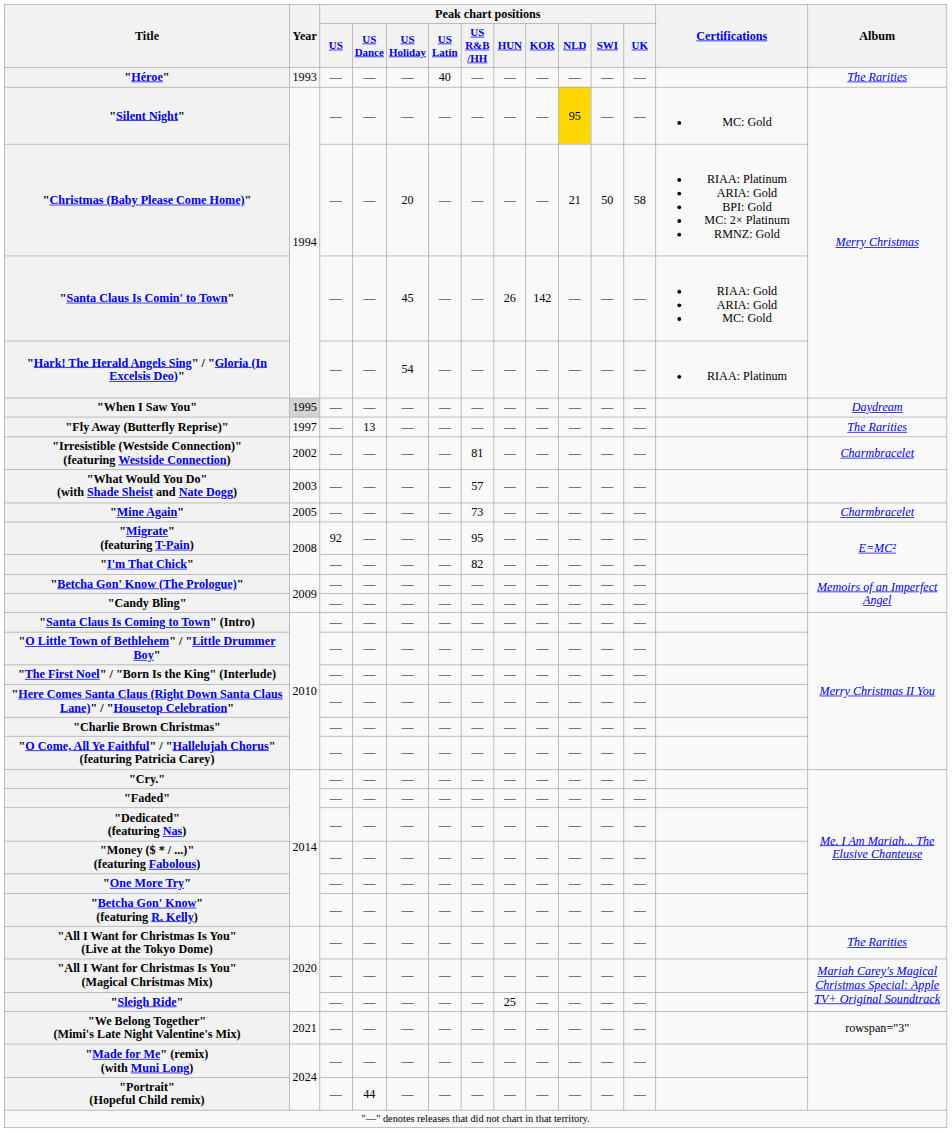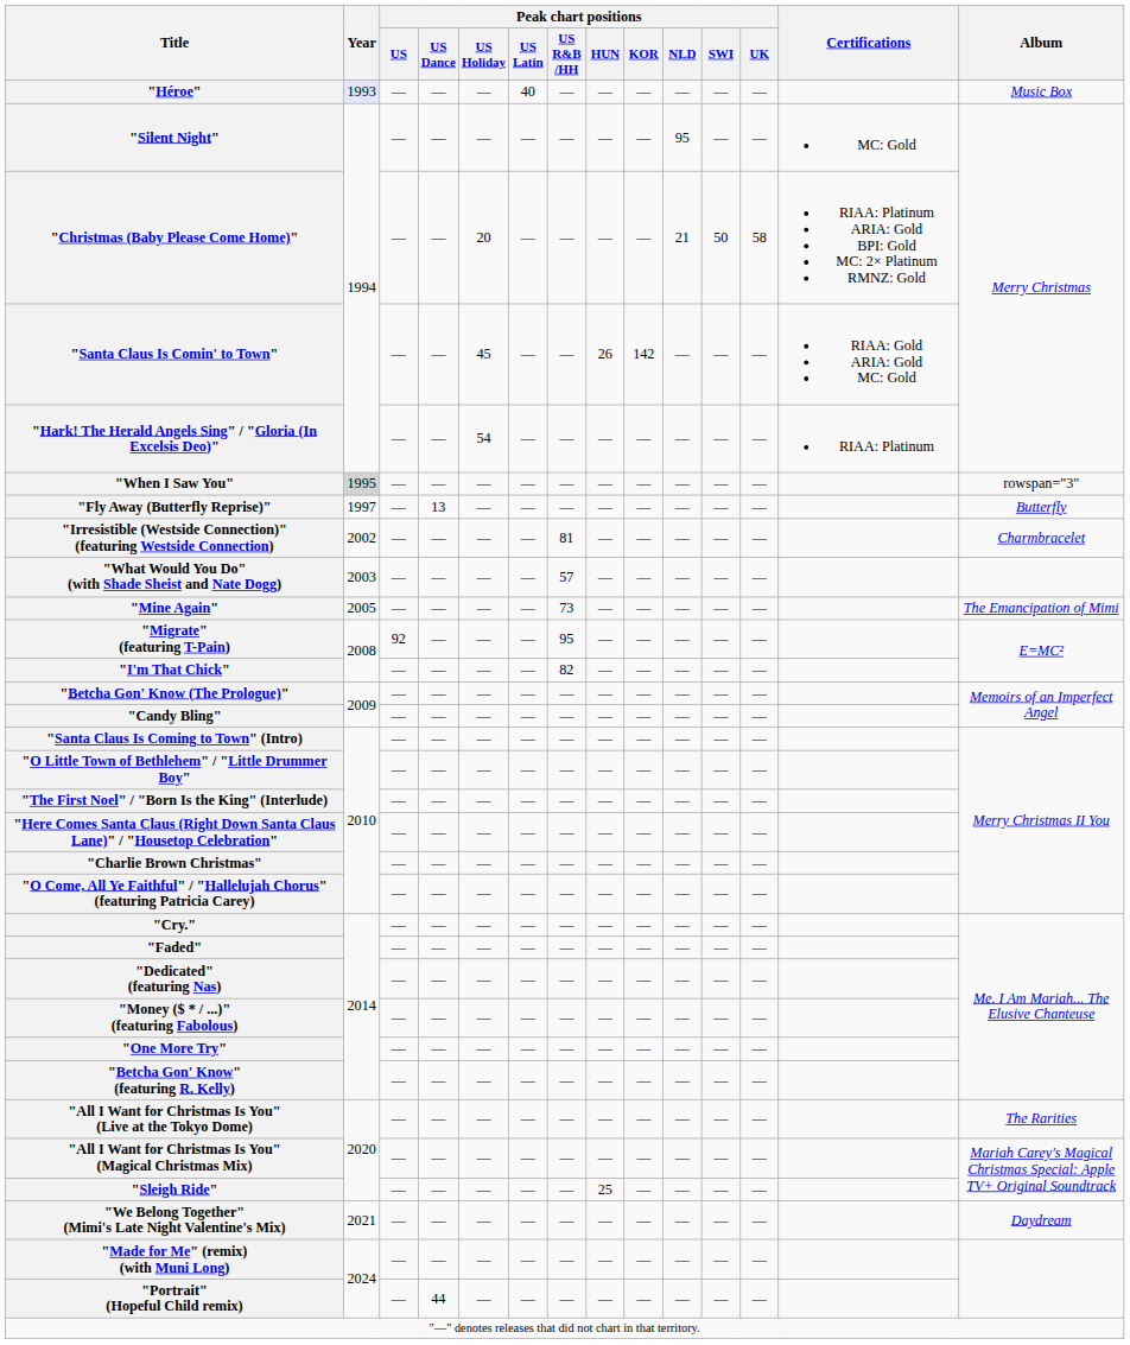 <table class="wikitable plainrowheaders" style="text-align:center;">
 <tr>
 <th scope="col" rowspan="2" style="width:23em;">Title</th>
 <th scope="col" rowspan="2">Year</th>
 <th scope="col" colspan="10">Peak chart positions</th>
 <th scope="col" rowspan="2" style="width:12em;"><a href='#'>Certifications</a></th>
 <th scope="col" rowspan="2" style="width:11em;">Album</th>
 </tr>
 <tr>
 <th scope="col" style="width:2.5em; font-size:90%;"><a href='#'>US</a><br></th>
 <th scope="col" style="width:2.5em; font-size:90%;"><a href='#'>US<br>Dance</a><br></th>
 <th scope="col" style="width:2.5em; font-size:90%;"><a href='#'>US<br>Holiday</a><br></th>
 <th scope="col" style="width:2.5em; font-size:90%;"><a href='#'>US Latin</a><br></th>
 <th scope="col" style="width:2.5em; font-size:90%;"><a href='#'>US<br>R&B<br>/HH</a><br></th>
 <th scope="col" style="width:2.5em; font-size:90%;"><a href='#'>HUN</a><br></th>
 <th scope="col" style="width:2.5em; font-size:90%;"><a href='#'>KOR</a><br></th>
 <th scope="col" style="width:2.5em; font-size:90%;"><a href='#'>NLD</a><br></th>
 <th scope="col" style="width:2.5em; font-size:90%;"><a href='#'>SWI</a><br></th>
 <th scope="col" style="width:2.5em; font-size:90%;"><a href='#'>UK</a><br></th>
 </tr>
 <tr>
 <th scope="row">"<a href='#'>Héroe</a>"</th>
-<td>1993</td>
+<td style="background: lavender;">1993</td>
 <td>—</td>
 <td>—</td>
 <td>—</td>
 <td>40</td>
 <td>—</td>
 <td>—</td>
 <td>—</td>
 <td>—</td>
 <td>—</td>
 <td>—</td>
 <td></td>
-<td><em><a href='#'>The Rarities</a></em></td>
+<td><em><a href='#'>Music Box</a></em></td>
 </tr>
 <tr>
 <th scope="row">"<a href='#'>Silent Night</a>"</th>
 <td rowspan="4">1994</td>
 <td>—</td>
 <td>—</td>
 <td>—</td>
 <td>—</td>
 <td>—</td>
 <td>—</td>
 <td>—</td>
-<td style="background: gold;">95</td>
+<td>95</td>
 <td>—</td>
 <td>—</td>
 <td><br><ul><li>MC: Gold</li></ul></td>
 <td rowspan="4"><em><a href='#'>Merry Christmas</a></em></td>
 </tr>
 <tr>
 <th scope="row">"<a href='#'>Christmas (Baby Please Come Home)</a>"</th>
 <td>—</td>
 <td>—</td>
 <td>20</td>
 <td>—</td>
 <td>—</td>
 <td>—</td>
 <td>—</td>
 <td>21</td>
 <td>50</td>
 <td>58</td>
 <td><br><ul><li>RIAA: Platinum</li><li>ARIA: Gold</li><li>BPI: Gold</li><li>MC: 2× Platinum</li><li>RMNZ: Gold</li></ul></td>
 </tr>
 <tr>
 <th scope="row">"<a href='#'>Santa Claus Is Comin' to Town</a>"</th>
 <td>—</td>
 <td>—</td>
 <td>45</td>
 <td>—</td>
 <td>—</td>
 <td>26</td>
 <td>142</td>
 <td>—</td>
 <td>—</td>
 <td>—</td>
 <td><br><ul><li>RIAA: Gold</li><li>ARIA: Gold</li><li>MC: Gold</li></ul></td>
 </tr>
 <tr>
 <th scope="row">"<a href='#'>Hark! The Herald Angels Sing</a>" / "<a href='#'>Gloria (In Excelsis Deo)</a>"</th>
 <td>—</td>
 <td>—</td>
 <td>54</td>
 <td>—</td>
 <td>—</td>
 <td>—</td>
 <td>—</td>
 <td>—</td>
 <td>—</td>
 <td>—</td>
 <td><br><ul><li>RIAA: Platinum</li></ul></td>
 </tr>
 <tr>
 <th scope="row">"When I Saw You"</th>
 <td style="background: lightgrey;">1995</td>
 <td>—</td>
 <td>—</td>
 <td>—</td>
 <td>—</td>
 <td>—</td>
 <td>—</td>
 <td>—</td>
 <td>—</td>
 <td>—</td>
 <td>—</td>
 <td></td>
-<td><em><a href='#'>Daydream</a></em></td>
+<td>rowspan="3" </td>
 </tr>
 <tr>
 <th scope="row">"Fly Away (Butterfly Reprise)"</th>
 <td>1997</td>
 <td>—</td>
 <td>13</td>
 <td>—</td>
 <td>—</td>
 <td>—</td>
 <td>—</td>
 <td>—</td>
 <td>—</td>
 <td>—</td>
 <td>—</td>
 <td></td>
-<td><em><a href='#'>The Rarities</a></em></td>
+<td><em><a href='#'>Butterfly</a></em></td>
 </tr>
 <tr>
 <th scope="row">"Irresistible (Westside Connection)" <br><span>(featuring <a href='#'>Westside Connection</a>)</span></th>
 <td>2002</td>
 <td>—</td>
 <td>—</td>
 <td>—</td>
 <td>—</td>
 <td>81</td>
 <td>—</td>
 <td>—</td>
 <td>—</td>
 <td>—</td>
 <td>—</td>
 <td></td>
 <td><em><a href='#'>Charmbracelet</a></em></td>
 </tr>
 <tr>
 <th scope="row">"What Would You Do" <br><span>(with <a href='#'>Shade Sheist</a> and <a href='#'>Nate Dogg</a>)</span></th>
 <td>2003</td>
 <td>—</td>
 <td>—</td>
 <td>—</td>
 <td>—</td>
 <td>57</td>
 <td>—</td>
 <td>—</td>
 <td>—</td>
 <td>—</td>
 <td>—</td>
 <td></td>
 <td></td>
 </tr>
 <tr>
 <th scope="row">"<a href='#'>Mine Again</a>"</th>
 <td>2005</td>
 <td>—</td>
 <td>—</td>
 <td>—</td>
 <td>—</td>
 <td>73</td>
 <td>—</td>
 <td>—</td>
 <td>—</td>
 <td>—</td>
 <td>—</td>
 <td></td>
-<td><em><a href='#'>Charmbracelet</a></em></td>
+<td><em><a href='#'>The Emancipation of Mimi</a></em></td>
 </tr>
 <tr>
 <th scope="row">"<a href='#'>Migrate</a>" <br><span>(featuring <a href='#'>T-Pain</a>)</span></th>
 <td rowspan="2">2008</td>
 <td>92</td>
 <td>—</td>
 <td>—</td>
 <td>—</td>
 <td>95</td>
 <td>—</td>
 <td>—</td>
 <td>—</td>
 <td>—</td>
 <td>—</td>
 <td></td>
 <td rowspan="2"><em><a href='#'>E=MC²</a></em></td>
 </tr>
 <tr>
 <th scope="row">"<a href='#'>I'm That Chick</a>"</th>
 <td>—</td>
 <td>—</td>
 <td>—</td>
 <td>—</td>
 <td>82</td>
 <td>—</td>
 <td>—</td>
 <td>—</td>
 <td>—</td>
 <td>—</td>
 <td></td>
 </tr>
 <tr>
 <th scope="row">"<a href='#'>Betcha Gon' Know (The Prologue)</a>"</th>
 <td rowspan="2">2009</td>
 <td>—</td>
 <td>—</td>
 <td>—</td>
 <td>—</td>
 <td>—</td>
 <td>—</td>
 <td>—</td>
 <td>—</td>
 <td>—</td>
 <td>—</td>
 <td></td>
 <td rowspan="2"><em><a href='#'>Memoirs of an Imperfect Angel</a></em></td>
 </tr>
 <tr>
 <th scope="row">"Candy Bling"</th>
 <td>—</td>
 <td>—</td>
 <td>—</td>
 <td>—</td>
 <td>—</td>
 <td>—</td>
 <td>—</td>
 <td>—</td>
 <td>—</td>
 <td>—</td>
 <td></td>
 </tr>
 <tr>
 <th scope="row">"<a href='#'>Santa Claus Is Coming to Town</a>" (Intro)</th>
 <td rowspan="6">2010</td>
 <td>—</td>
 <td>—</td>
 <td>—</td>
 <td>—</td>
 <td>—</td>
 <td>—</td>
 <td>—</td>
 <td>—</td>
 <td>—</td>
 <td>—</td>
 <td></td>
 <td rowspan="6"><em><a href='#'>Merry Christmas II You</a></em></td>
 </tr>
 <tr>
 <th scope="row">"<a href='#'>O Little Town of Bethlehem</a>" / "<a href='#'>Little Drummer Boy</a>"</th>
 <td>—</td>
 <td>—</td>
 <td>—</td>
 <td>—</td>
 <td>—</td>
 <td>—</td>
 <td>—</td>
 <td>—</td>
 <td>—</td>
 <td>—</td>
 <td></td>
 </tr>
 <tr>
 <th scope="row">"<a href='#'>The First Noel</a>" / "Born Is the King" (Interlude)</th>
 <td>—</td>
 <td>—</td>
 <td>—</td>
 <td>—</td>
 <td>—</td>
 <td>—</td>
 <td>—</td>
 <td>—</td>
 <td>—</td>
 <td>—</td>
 <td></td>
 </tr>
 <tr>
 <th scope="row">"<a href='#'>Here Comes Santa Claus (Right Down Santa Claus Lane)</a>" / "<a href='#'>Housetop Celebration</a>"</th>
 <td>—</td>
 <td>—</td>
 <td>—</td>
 <td>—</td>
 <td>—</td>
 <td>—</td>
 <td>—</td>
 <td>—</td>
 <td>—</td>
 <td>—</td>
 <td></td>
 </tr>
 <tr>
 <th scope="row">"Charlie Brown Christmas"</th>
 <td>—</td>
 <td>—</td>
 <td>—</td>
 <td>—</td>
 <td>—</td>
 <td>—</td>
 <td>—</td>
 <td>—</td>
 <td>—</td>
 <td>—</td>
 <td></td>
 </tr>
 <tr>
 <th scope="row">"<a href='#'>O Come, All Ye Faithful</a>" / "<a href='#'>Hallelujah Chorus</a>" <br><span>(featuring Patricia Carey)</span></th>
 <td>—</td>
 <td>—</td>
 <td>—</td>
 <td>—</td>
 <td>—</td>
 <td>—</td>
 <td>—</td>
 <td>—</td>
 <td>—</td>
 <td>—</td>
 <td></td>
 </tr>
 <tr>
 <th scope="row">"Cry."</th>
 <td rowspan="6">2014</td>
 <td>—</td>
 <td>—</td>
 <td>—</td>
 <td>—</td>
 <td>—</td>
 <td>—</td>
 <td>—</td>
 <td>—</td>
 <td>—</td>
 <td>—</td>
 <td></td>
 <td rowspan="6"><em><a href='#'>Me. I Am Mariah... The Elusive Chanteuse</a></em></td>
 </tr>
 <tr>
 <th scope="row">"Faded"</th>
 <td>—</td>
 <td>—</td>
 <td>—</td>
 <td>—</td>
 <td>—</td>
 <td>—</td>
 <td>—</td>
 <td>—</td>
 <td>—</td>
 <td>—</td>
 <td></td>
 </tr>
 <tr>
 <th scope="row">"Dedicated"<br><span>(featuring <a href='#'>Nas</a>)</span></th>
 <td>—</td>
 <td>—</td>
 <td>—</td>
 <td>—</td>
 <td>—</td>
 <td>—</td>
 <td>—</td>
 <td>—</td>
 <td>—</td>
 <td>—</td>
 <td></td>
 </tr>
 <tr>
 <th scope="row">"Money ($ * / ...)"<br><span>(featuring <a href='#'>Fabolous</a>)</span></th>
 <td>—</td>
 <td>—</td>
 <td>—</td>
 <td>—</td>
 <td>—</td>
 <td>—</td>
 <td>—</td>
 <td>—</td>
 <td>—</td>
 <td>—</td>
 <td></td>
 </tr>
 <tr>
 <th scope="row">"<a href='#'>One More Try</a>"</th>
 <td>—</td>
 <td>—</td>
 <td>—</td>
 <td>—</td>
 <td>—</td>
 <td>—</td>
 <td>—</td>
 <td>—</td>
 <td>—</td>
 <td>—</td>
 <td></td>
 </tr>
 <tr>
 <th scope="row">"<a href='#'>Betcha Gon' Know</a>"<br><span>(featuring <a href='#'>R. Kelly</a>)</span></th>
 <td>—</td>
 <td>—</td>
 <td>—</td>
 <td>—</td>
 <td>—</td>
 <td>—</td>
 <td>—</td>
 <td>—</td>
 <td>—</td>
 <td>—</td>
 <td></td>
 </tr>
 <tr>
 <th scope="row">"All I Want for Christmas Is You"<br><span>(Live at the Tokyo Dome)</span></th>
 <td rowspan="3">2020</td>
 <td>—</td>
 <td>—</td>
 <td>—</td>
 <td>—</td>
 <td>—</td>
 <td>—</td>
 <td>—</td>
 <td>—</td>
 <td>—</td>
 <td>—</td>
 <td></td>
 <td><em><a href='#'>The Rarities</a></em></td>
 </tr>
 <tr>
 <th scope="row">"All I Want for Christmas Is You"<br><span>(Magical Christmas Mix)</span></th>
 <td>—</td>
 <td>—</td>
 <td>—</td>
 <td>—</td>
 <td>—</td>
 <td>—</td>
 <td>—</td>
 <td>—</td>
 <td>—</td>
 <td>—</td>
 <td></td>
 <td rowspan="2"><em><a href='#'>Mariah Carey's Magical Christmas Special: Apple TV+ Original Soundtrack</a></em></td>
 </tr>
 <tr>
 <th scope="row">"<a href='#'>Sleigh Ride</a>"</th>
 <td>—</td>
 <td>—</td>
 <td>—</td>
 <td>—</td>
 <td>—</td>
 <td>25</td>
 <td>—</td>
 <td>—</td>
 <td>—</td>
 <td>—</td>
 <td></td>
 </tr>
 <tr>
 <th scope="row">"We Belong Together"<br><span>(Mimi's Late Night Valentine's Mix)</span></th>
 <td>2021</td>
 <td>—</td>
 <td>—</td>
 <td>—</td>
 <td>—</td>
 <td>—</td>
 <td>—</td>
 <td>—</td>
 <td>—</td>
 <td>—</td>
 <td>—</td>
 <td></td>
-<td>rowspan="3" </td>
+<td><em><a href='#'>Daydream</a></em></td>
 </tr>
 <tr>
 <th scope="row">"<a href='#'>Made for Me</a>" (remix)<br><span>(with <a href='#'>Muni Long</a>)</span></th>
 <td rowspan="2">2024</td>
 <td>—</td>
 <td>—</td>
 <td>—</td>
 <td>—</td>
 <td>—</td>
 <td>—</td>
 <td>—</td>
 <td>—</td>
 <td>—</td>
 <td>—</td>
 <td></td>
 </tr>
 <tr>
 <th scope="row">"Portrait"<br><span>(Hopeful Child remix)</span></th>
 <td>—</td>
 <td>44</td>
 <td>—</td>
 <td>—</td>
 <td>—</td>
 <td>—</td>
 <td>—</td>
 <td>—</td>
 <td>—</td>
 <td>—</td>
 <td></td>
 </tr>
 <tr>
 <td colspan="17" style="font-size:85%">"—" denotes releases that did not chart in that territory.</td>
 </tr>
 </table>
